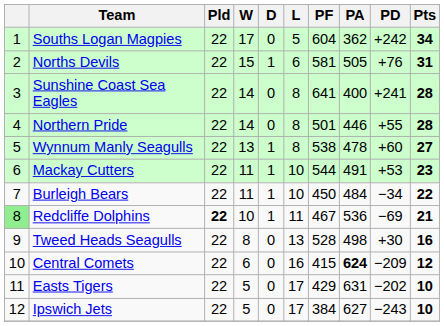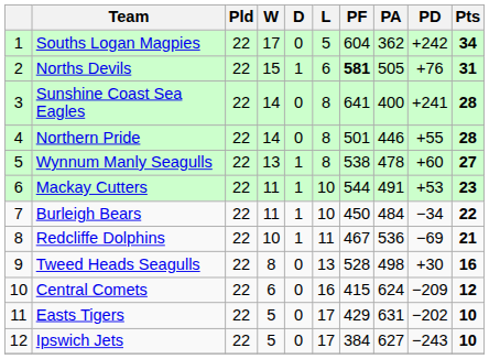 <table class="wikitable" style="text-align:center;">
 <tr>
 <th width=20 abbr="Position"></th>
 <th width=185>Team</th>
 <th width=20 abbr="Played">Pld</th>
 <th width=20 abbr="Won">W</th>
 <th width=20 abbr="Drawn">D</th>
 <th width=20 abbr="Lost">L</th>
 <th width=20 abbr="Points for">PF</th>
 <th width=20 abbr="Points against">PA</th>
 <th width=20 abbr="Points difference">PD</th>
 <th width=20 abbr="Points">Pts</th>
 </tr>
 <tr style="background: #ccffcc;">
 <td>1</td>
 <td style="text-align:left;"> <a href='#'>Souths Logan Magpies</a></td>
 <td>22</td>
 <td>17</td>
 <td>0</td>
 <td>5</td>
 <td>604</td>
 <td>362</td>
 <td>+242</td>
 <td><strong>34</strong></td>
 </tr>
 <tr style="background: #ccffcc;">
 <td>2</td>
 <td style="text-align:left;"> <a href='#'>Norths Devils</a></td>
 <td>22</td>
 <td>15</td>
 <td>1</td>
 <td>6</td>
-<td>581</td>
+<td><strong>581</strong></td>
 <td>505</td>
 <td>+76</td>
 <td><strong>31</strong></td>
 </tr>
 <tr style="background: #ccffcc;">
 <td>3</td>
 <td style="text-align:left;"> <a href='#'>Sunshine Coast Sea Eagles</a></td>
 <td>22</td>
 <td>14</td>
 <td>0</td>
 <td>8</td>
 <td>641</td>
 <td>400</td>
 <td>+241</td>
 <td><strong>28</strong></td>
 </tr>
 <tr style="background: #ccffcc;">
 <td>4</td>
 <td style="text-align:left;"> <a href='#'>Northern Pride</a></td>
 <td>22</td>
 <td>14</td>
 <td>0</td>
 <td>8</td>
 <td>501</td>
 <td>446</td>
 <td>+55</td>
 <td><strong>28</strong></td>
 </tr>
 <tr style="background: #ccffcc;">
 <td>5</td>
 <td style="text-align:left;"> <a href='#'>Wynnum Manly Seagulls</a></td>
 <td>22</td>
 <td>13</td>
 <td>1</td>
 <td>8</td>
 <td>538</td>
 <td>478</td>
 <td>+60</td>
 <td><strong>27</strong></td>
 </tr>
 <tr style="background: #ccffcc;">
 <td>6</td>
 <td style="text-align:left;"> <a href='#'>Mackay Cutters</a></td>
 <td>22</td>
 <td>11</td>
 <td>1</td>
 <td>10</td>
 <td>544</td>
 <td>491</td>
 <td>+53</td>
 <td><strong>23</strong></td>
 </tr>
 <tr>
 <td>7</td>
 <td style="text-align:left;"> <a href='#'>Burleigh Bears</a></td>
 <td>22</td>
 <td>11</td>
 <td>1</td>
 <td>10</td>
 <td>450</td>
 <td>484</td>
 <td>−34</td>
 <td><strong>22</strong></td>
 </tr>
 <tr>
-<td style="background: lightgreen;">8</td>
+<td>8</td>
 <td style="text-align:left;"> <a href='#'>Redcliffe Dolphins</a></td>
-<td><strong>22</strong></td>
+<td>22</td>
 <td>10</td>
 <td>1</td>
 <td>11</td>
 <td>467</td>
 <td>536</td>
 <td>−69</td>
 <td><strong>21</strong></td>
 </tr>
 <tr>
 <td>9</td>
 <td style="text-align:left;"> <a href='#'>Tweed Heads Seagulls</a></td>
 <td>22</td>
 <td>8</td>
 <td>0</td>
 <td>13</td>
 <td>528</td>
 <td>498</td>
 <td>+30</td>
 <td><strong>16</strong></td>
 </tr>
 <tr>
 <td>10</td>
 <td style="text-align:left;"> <a href='#'>Central Comets</a></td>
 <td>22</td>
 <td>6</td>
 <td>0</td>
 <td>16</td>
 <td>415</td>
-<td><strong>624</strong></td>
+<td>624</td>
 <td>−209</td>
 <td><strong>12</strong></td>
 </tr>
 <tr>
 <td>11</td>
 <td style="text-align:left;"> <a href='#'>Easts Tigers</a></td>
 <td>22</td>
 <td>5</td>
 <td>0</td>
 <td>17</td>
 <td>429</td>
 <td>631</td>
 <td>−202</td>
 <td><strong>10</strong></td>
 </tr>
 <tr>
 <td>12</td>
 <td style="text-align:left;"> <a href='#'>Ipswich Jets</a></td>
 <td>22</td>
 <td>5</td>
 <td>0</td>
 <td>17</td>
 <td>384</td>
 <td>627</td>
 <td>−243</td>
 <td><strong>10</strong></td>
 </tr>
 <tr>
 </tr>
 </table>
